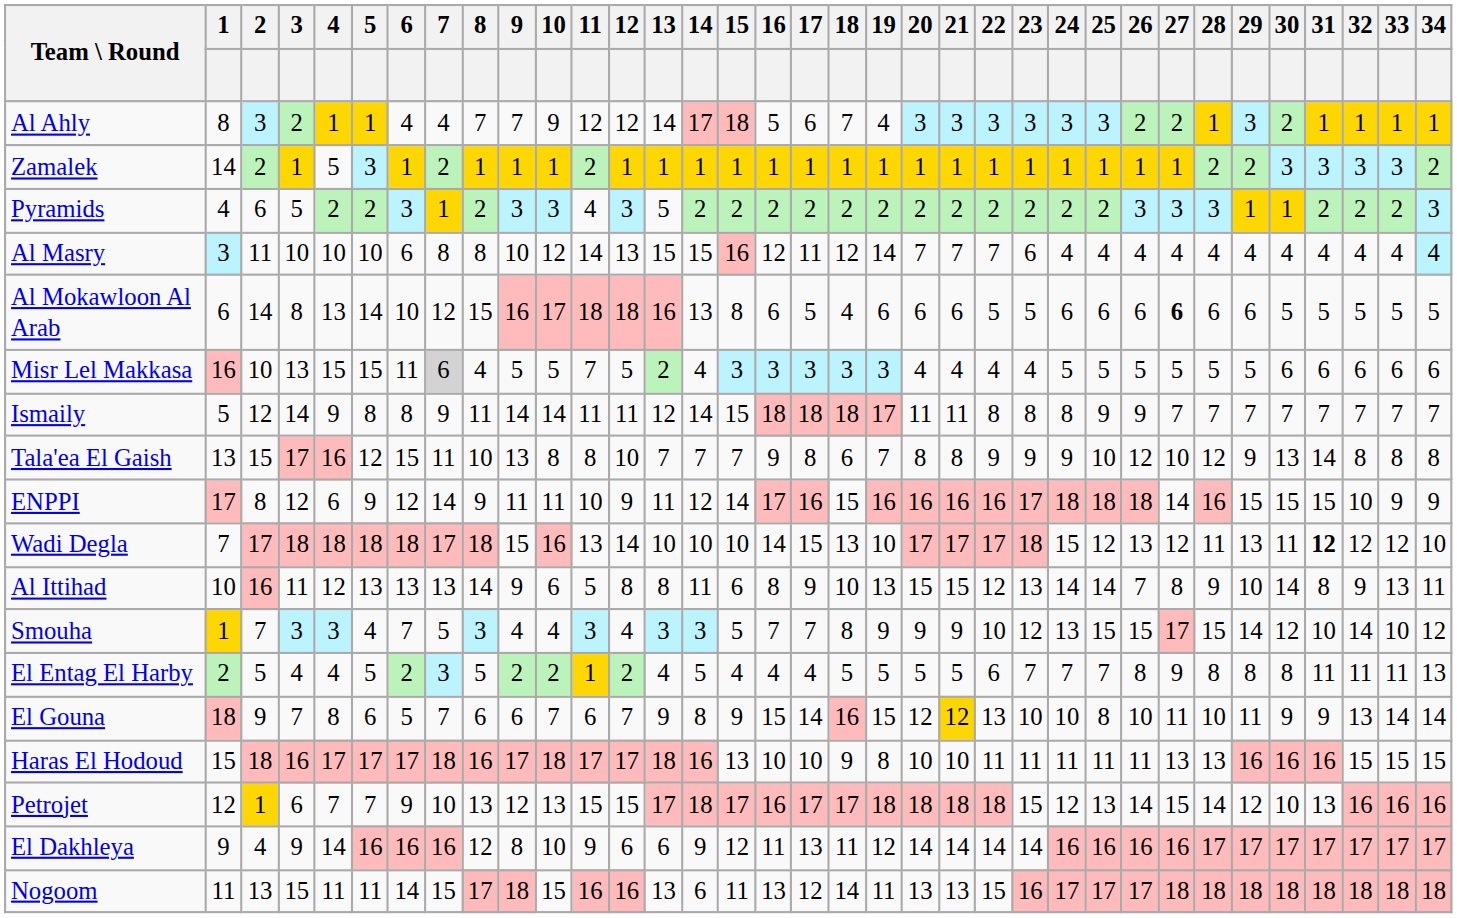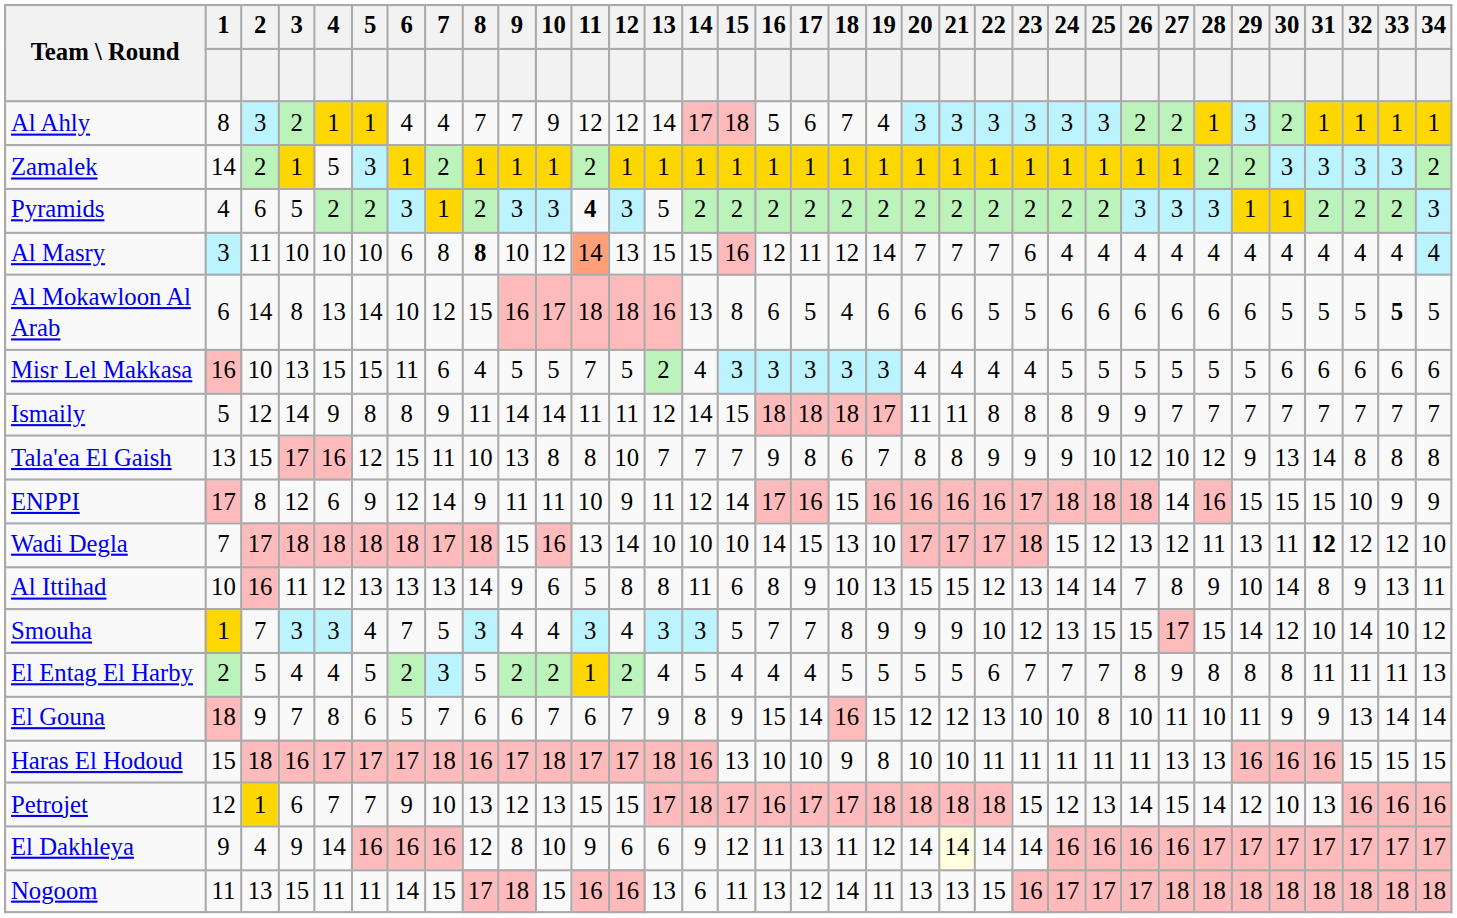 <table class="wikitable sortable" style="font-size: 74%; text-align:center">
 <tr>
 <th rowspan="2" style="width:90px;">Team \ Round</th>
 <th align=center>1</th>
 <th align=center>2</th>
 <th align=center>3</th>
 <th align=center>4</th>
 <th align=center>5</th>
 <th align=center>6</th>
 <th align=center>7</th>
 <th align=center>8</th>
 <th align=center>9</th>
 <th align=center>10</th>
 <th align=center>11</th>
 <th align=center>12</th>
 <th align=center>13</th>
 <th align=center>14</th>
 <th align=center>15</th>
 <th align=center>16</th>
 <th align=center>17</th>
 <th align=center>18</th>
 <th align=center>19</th>
 <th align=center>20</th>
 <th align=center>21</th>
 <th align=center>22</th>
 <th align=center>23</th>
 <th align=center>24</th>
 <th align=center>25</th>
 <th align=center>26</th>
 <th align=center>27</th>
 <th align=center>28</th>
 <th align=center>29</th>
 <th align=center>30</th>
 <th align=center>31</th>
 <th align=center>32</th>
 <th align=center>33</th>
 <th align=center>34</th>
 </tr>
 <tr>
 <th style="text-align:center; height:20px;"></th>
 <th align=center></th>
 <th align=center></th>
 <th align=center></th>
 <th align=center></th>
 <th align=center></th>
 <th align=center></th>
 <th align=center></th>
 <th align=center></th>
 <th align=center></th>
 <th align=center></th>
 <th align=center></th>
 <th align=center></th>
 <th align=center></th>
 <th align=center></th>
 <th align=center></th>
 <th align=center></th>
 <th align=center></th>
 <th align=center></th>
 <th align=center></th>
 <th align=center></th>
 <th align=center></th>
 <th align=center></th>
 <th align=center></th>
 <th align=center></th>
 <th align=center></th>
 <th align=center></th>
 <th align=center></th>
 <th align=center></th>
 <th align=center></th>
 <th align=center></th>
 <th align=center></th>
 <th align=center></th>
 <th align=center></th>
 </tr>
 <tr align=center>
 <td align=left><a href='#'>Al Ahly</a></td>
 <td>8</td>
 <td style="background:#BBF3FF">3</td>
 <td style="background:#BBF3BB">2</td>
 <td style="background:gold">1</td>
 <td style="background:gold">1</td>
 <td>4</td>
 <td>4</td>
 <td>7</td>
 <td>7</td>
 <td>9</td>
 <td>12</td>
 <td>12</td>
 <td>14</td>
 <td style="background:#FFBBBB">17</td>
 <td style="background:#FFBBBB">18</td>
 <td>5</td>
 <td>6</td>
 <td>7</td>
 <td>4</td>
 <td style="background:#BBF3FF">3</td>
 <td style="background:#BBF3FF">3</td>
 <td style="background:#BBF3FF">3</td>
 <td style="background:#BBF3FF">3</td>
 <td style="background:#BBF3FF">3</td>
 <td style="background:#BBF3FF">3</td>
 <td style="background:#BBF3BB">2</td>
 <td style="background:#BBF3BB">2</td>
 <td style="background:gold">1</td>
 <td style="background:#BBF3FF">3</td>
 <td style="background:#BBF3BB">2</td>
 <td style="background:gold">1</td>
 <td style="background:gold">1</td>
 <td style="background:gold">1</td>
 <td style="background:gold">1</td>
 </tr>
 <tr align=center>
 <td align=left><a href='#'>Zamalek</a></td>
 <td>14</td>
 <td style="background:#BBF3BB">2</td>
 <td style="background:gold">1</td>
 <td>5</td>
 <td style="background:#BBF3FF">3</td>
 <td style="background:gold">1</td>
 <td style="background:#BBF3BB">2</td>
 <td style="background:gold">1</td>
 <td style="background:gold">1</td>
 <td style="background:gold">1</td>
 <td style="background:#BBF3BB">2</td>
 <td style="background:gold">1</td>
 <td style="background:gold">1</td>
 <td style="background:gold">1</td>
 <td style="background:gold">1</td>
 <td style="background:gold">1</td>
 <td style="background:gold">1</td>
 <td style="background:gold">1</td>
 <td style="background:gold">1</td>
 <td style="background:gold">1</td>
 <td style="background:gold">1</td>
 <td style="background:gold">1</td>
 <td style="background:gold">1</td>
 <td style="background:gold">1</td>
 <td style="background:gold">1</td>
 <td style="background:gold">1</td>
 <td style="background:gold">1</td>
 <td style="background:#BBF3BB">2</td>
 <td style="background:#BBF3BB">2</td>
 <td style="background:#BBF3FF">3</td>
 <td style="background:#BBF3FF">3</td>
 <td style="background:#BBF3FF">3</td>
 <td style="background:#BBF3FF">3</td>
 <td style="background:#BBF3BB">2</td>
 </tr>
 <tr align=center>
 <td align=left><a href='#'>Pyramids</a></td>
 <td>4</td>
 <td>6</td>
 <td>5</td>
 <td style="background:#BBF3BB">2</td>
 <td style="background:#BBF3BB">2</td>
 <td style="background:#BBF3FF">3</td>
 <td style="background:gold">1</td>
 <td style="background:#BBF3BB">2</td>
 <td style="background:#BBF3FF">3</td>
 <td style="background:#BBF3FF">3</td>
-<td>4</td>
+<td><strong>4</strong></td>
 <td style="background:#BBF3FF">3</td>
 <td>5</td>
 <td style="background:#BBF3BB">2</td>
 <td style="background:#BBF3BB">2</td>
 <td style="background:#BBF3BB">2</td>
 <td style="background:#BBF3BB">2</td>
 <td style="background:#BBF3BB">2</td>
 <td style="background:#BBF3BB">2</td>
 <td style="background:#BBF3BB">2</td>
 <td style="background:#BBF3BB">2</td>
 <td style="background:#BBF3BB">2</td>
 <td style="background:#BBF3BB">2</td>
 <td style="background:#BBF3BB">2</td>
 <td style="background:#BBF3BB">2</td>
 <td style="background:#BBF3FF">3</td>
 <td style="background:#BBF3FF">3</td>
 <td style="background:#BBF3FF">3</td>
 <td style="background:gold">1</td>
 <td style="background:gold">1</td>
 <td style="background:#BBF3BB">2</td>
 <td style="background:#BBF3BB">2</td>
 <td style="background:#BBF3BB">2</td>
 <td style="background:#BBF3FF">3</td>
 </tr>
 <tr align=center>
 <td align=left><a href='#'>Al Masry</a></td>
 <td style="background:#BBF3FF">3</td>
 <td>11</td>
 <td>10</td>
 <td>10</td>
 <td>10</td>
 <td>6</td>
 <td>8</td>
-<td>8</td>
+<td><strong>8</strong></td>
 <td>10</td>
 <td>12</td>
-<td>14</td>
+<td style="background: lightsalmon;">14</td>
 <td>13</td>
 <td>15</td>
 <td>15</td>
 <td style="background:#FFBBBB">16</td>
 <td>12</td>
 <td>11</td>
 <td>12</td>
 <td>14</td>
 <td>7</td>
 <td>7</td>
 <td>7</td>
 <td>6</td>
 <td>4</td>
 <td>4</td>
 <td>4</td>
 <td>4</td>
 <td>4</td>
 <td>4</td>
 <td>4</td>
 <td>4</td>
 <td>4</td>
 <td>4</td>
 <td style="background:#BBF3FF">4</td>
 </tr>
 <tr align=center>
 <td align=left><a href='#'>Al Mokawloon Al Arab</a></td>
 <td>6</td>
 <td>14</td>
 <td>8</td>
 <td>13</td>
 <td>14</td>
 <td>10</td>
 <td>12</td>
 <td>15</td>
 <td style="background:#FFBBBB">16</td>
 <td style="background:#FFBBBB">17</td>
 <td style="background:#FFBBBB">18</td>
 <td style="background:#FFBBBB">18</td>
 <td style="background:#FFBBBB">16</td>
 <td>13</td>
 <td>8</td>
 <td>6</td>
 <td>5</td>
 <td>4</td>
 <td>6</td>
 <td>6</td>
 <td>6</td>
 <td>5</td>
 <td>5</td>
 <td>6</td>
 <td>6</td>
 <td>6</td>
-<td><strong>6</strong></td>
+<td>6</td>
 <td>6</td>
 <td>6</td>
 <td>5</td>
 <td>5</td>
 <td>5</td>
-<td>5</td>
+<td><strong>5</strong></td>
 <td>5</td>
 </tr>
 <tr align=center>
 <td align=left><a href='#'>Misr Lel Makkasa</a></td>
 <td style="background:#FFBBBB">16</td>
 <td>10</td>
 <td>13</td>
 <td>15</td>
 <td>15</td>
 <td>11</td>
-<td style="background: lightgrey;">6</td>
+<td>6</td>
 <td>4</td>
 <td>5</td>
 <td>5</td>
 <td>7</td>
 <td>5</td>
 <td style="background:#BBF3BB">2</td>
 <td>4</td>
 <td style="background:#BBF3FF">3</td>
 <td style="background:#BBF3FF">3</td>
 <td style="background:#BBF3FF">3</td>
 <td style="background:#BBF3FF">3</td>
 <td style="background:#BBF3FF">3</td>
 <td>4</td>
 <td>4</td>
 <td>4</td>
 <td>4</td>
 <td>5</td>
 <td>5</td>
 <td>5</td>
 <td>5</td>
 <td>5</td>
 <td>5</td>
 <td>6</td>
 <td>6</td>
 <td>6</td>
 <td>6</td>
 <td>6</td>
 </tr>
 <tr align=center>
 <td align=left><a href='#'>Ismaily</a></td>
 <td>5</td>
 <td>12</td>
 <td>14</td>
 <td>9</td>
 <td>8</td>
 <td>8</td>
 <td>9</td>
 <td>11</td>
 <td>14</td>
 <td>14</td>
 <td>11</td>
 <td>11</td>
 <td>12</td>
 <td>14</td>
 <td>15</td>
 <td style="background:#FFBBBB">18</td>
 <td style="background:#FFBBBB">18</td>
 <td style="background:#FFBBBB">18</td>
 <td style="background:#FFBBBB">17</td>
 <td>11</td>
 <td>11</td>
 <td>8</td>
 <td>8</td>
 <td>8</td>
 <td>9</td>
 <td>9</td>
 <td>7</td>
 <td>7</td>
 <td>7</td>
 <td>7</td>
 <td>7</td>
 <td>7</td>
 <td>7</td>
 <td>7</td>
 </tr>
 <tr align=center>
 <td align=left><a href='#'>Tala'ea El Gaish</a></td>
 <td>13</td>
 <td>15</td>
 <td style="background:#FFBBBB">17</td>
 <td style="background:#FFBBBB">16</td>
 <td>12</td>
 <td>15</td>
 <td>11</td>
 <td>10</td>
 <td>13</td>
 <td>8</td>
 <td>8</td>
 <td>10</td>
 <td>7</td>
 <td>7</td>
 <td>7</td>
 <td>9</td>
 <td>8</td>
 <td>6</td>
 <td>7</td>
 <td>8</td>
 <td>8</td>
 <td>9</td>
 <td>9</td>
 <td>9</td>
 <td>10</td>
 <td>12</td>
 <td>10</td>
 <td>12</td>
 <td>9</td>
 <td>13</td>
 <td>14</td>
 <td>8</td>
 <td>8</td>
 <td>8</td>
 </tr>
 <tr align=center>
 <td align=left><a href='#'>ENPPI</a></td>
 <td style="background:#FFBBBB">17</td>
 <td>8</td>
 <td>12</td>
 <td>6</td>
 <td>9</td>
 <td>12</td>
 <td>14</td>
 <td>9</td>
 <td>11</td>
 <td>11</td>
 <td>10</td>
 <td>9</td>
 <td>11</td>
 <td>12</td>
 <td>14</td>
 <td style="background:#FFBBBB">17</td>
 <td style="background:#FFBBBB">16</td>
 <td>15</td>
 <td style="background:#FFBBBB">16</td>
 <td style="background:#FFBBBB">16</td>
 <td style="background:#FFBBBB">16</td>
 <td style="background:#FFBBBB">16</td>
 <td style="background:#FFBBBB">17</td>
 <td style="background:#FFBBBB">18</td>
 <td style="background:#FFBBBB">18</td>
 <td style="background:#FFBBBB">18</td>
 <td>14</td>
 <td style="background:#FFBBBB">16</td>
 <td>15</td>
 <td>15</td>
 <td>15</td>
 <td>10</td>
 <td>9</td>
 <td>9</td>
 </tr>
 <tr align=center>
 <td align=left><a href='#'>Wadi Degla</a></td>
 <td>7</td>
 <td style="background:#FFBBBB">17</td>
 <td style="background:#FFBBBB">18</td>
 <td style="background:#FFBBBB">18</td>
 <td style="background:#FFBBBB">18</td>
 <td style="background:#FFBBBB">18</td>
 <td style="background:#FFBBBB">17</td>
 <td style="background:#FFBBBB">18</td>
 <td>15</td>
 <td style="background:#FFBBBB">16</td>
 <td>13</td>
 <td>14</td>
 <td>10</td>
 <td>10</td>
 <td>10</td>
 <td>14</td>
 <td>15</td>
 <td>13</td>
 <td>10</td>
 <td style="background:#FFBBBB">17</td>
 <td style="background:#FFBBBB">17</td>
 <td style="background:#FFBBBB">17</td>
 <td style="background:#FFBBBB">18</td>
 <td>15</td>
 <td>12</td>
 <td>13</td>
 <td>12</td>
 <td>11</td>
 <td>13</td>
 <td>11</td>
 <td><strong>12</strong></td>
 <td>12</td>
 <td>12</td>
 <td>10</td>
 </tr>
 <tr align=center>
 <td align=left><a href='#'>Al Ittihad</a></td>
 <td>10</td>
 <td style="background:#FFBBBB">16</td>
 <td>11</td>
 <td>12</td>
 <td>13</td>
 <td>13</td>
 <td>13</td>
 <td>14</td>
 <td>9</td>
 <td>6</td>
 <td>5</td>
 <td>8</td>
 <td>8</td>
 <td>11</td>
 <td>6</td>
 <td>8</td>
 <td>9</td>
 <td>10</td>
 <td>13</td>
 <td>15</td>
 <td>15</td>
 <td>12</td>
 <td>13</td>
 <td>14</td>
 <td>14</td>
 <td>7</td>
 <td>8</td>
 <td>9</td>
 <td>10</td>
 <td>14</td>
 <td>8</td>
 <td>9</td>
 <td>13</td>
 <td>11</td>
 </tr>
 <tr align=center>
 <td align=left><a href='#'>Smouha</a></td>
 <td style="background:gold">1</td>
 <td>7</td>
 <td style="background:#BBF3FF">3</td>
 <td style="background:#BBF3FF">3</td>
 <td>4</td>
 <td>7</td>
 <td>5</td>
 <td style="background:#BBF3FF">3</td>
 <td>4</td>
 <td>4</td>
 <td style="background:#BBF3FF">3</td>
 <td>4</td>
 <td style="background:#BBF3FF">3</td>
 <td style="background:#BBF3FF">3</td>
 <td>5</td>
 <td>7</td>
 <td>7</td>
 <td>8</td>
 <td>9</td>
 <td>9</td>
 <td>9</td>
 <td>10</td>
 <td>12</td>
 <td>13</td>
 <td>15</td>
 <td>15</td>
 <td style="background:#FFBBBB">17</td>
 <td>15</td>
 <td>14</td>
 <td>12</td>
 <td>10</td>
 <td>14</td>
 <td>10</td>
 <td>12</td>
 </tr>
 <tr align=center>
 <td align=left><a href='#'>El Entag El Harby</a></td>
 <td style="background:#BBF3BB">2</td>
 <td>5</td>
 <td>4</td>
 <td>4</td>
 <td>5</td>
 <td style="background:#BBF3BB">2</td>
 <td style="background:#BBF3FF">3</td>
 <td>5</td>
 <td style="background:#BBF3BB">2</td>
 <td style="background:#BBF3BB">2</td>
 <td style="background:gold">1</td>
 <td style="background:#BBF3BB">2</td>
 <td>4</td>
 <td>5</td>
 <td>4</td>
 <td>4</td>
 <td>4</td>
 <td>5</td>
 <td>5</td>
 <td>5</td>
 <td>5</td>
 <td>6</td>
 <td>7</td>
 <td>7</td>
 <td>7</td>
 <td>8</td>
 <td>9</td>
 <td>8</td>
 <td>8</td>
 <td>8</td>
 <td>11</td>
 <td>11</td>
 <td>11</td>
 <td>13</td>
 </tr>
 <tr align=center>
 <td align=left><a href='#'>El Gouna</a></td>
 <td style="background:#FFBBBB">18</td>
 <td>9</td>
 <td>7</td>
 <td>8</td>
 <td>6</td>
 <td>5</td>
 <td>7</td>
 <td>6</td>
 <td>6</td>
 <td>7</td>
 <td>6</td>
 <td>7</td>
 <td>9</td>
 <td>8</td>
 <td>9</td>
 <td>15</td>
 <td>14</td>
 <td style="background:#FFBBBB">16</td>
 <td>15</td>
 <td>12</td>
-<td style="background: gold;">12</td>
+<td>12</td>
 <td>13</td>
 <td>10</td>
 <td>10</td>
 <td>8</td>
 <td>10</td>
 <td>11</td>
 <td>10</td>
 <td>11</td>
 <td>9</td>
 <td>9</td>
 <td>13</td>
 <td>14</td>
 <td>14</td>
 </tr>
 <tr align=center>
 <td align=left><a href='#'>Haras El Hodoud</a></td>
 <td>15</td>
 <td style="background:#FFBBBB">18</td>
 <td style="background:#FFBBBB">16</td>
 <td style="background:#FFBBBB">17</td>
 <td style="background:#FFBBBB">17</td>
 <td style="background:#FFBBBB">17</td>
 <td style="background:#FFBBBB">18</td>
 <td style="background:#FFBBBB">16</td>
 <td style="background:#FFBBBB">17</td>
 <td style="background:#FFBBBB">18</td>
 <td style="background:#FFBBBB">17</td>
 <td style="background:#FFBBBB">17</td>
 <td style="background:#FFBBBB">18</td>
 <td style="background:#FFBBBB">16</td>
 <td>13</td>
 <td>10</td>
 <td>10</td>
 <td>9</td>
 <td>8</td>
 <td>10</td>
 <td>10</td>
 <td>11</td>
 <td>11</td>
 <td>11</td>
 <td>11</td>
 <td>11</td>
 <td>13</td>
 <td>13</td>
 <td style="background:#FFBBBB">16</td>
 <td style="background:#FFBBBB">16</td>
 <td style="background:#FFBBBB">16</td>
 <td>15</td>
 <td>15</td>
 <td>15</td>
 </tr>
 <tr align=center>
 <td align=left><a href='#'>Petrojet</a></td>
 <td>12</td>
 <td style="background:gold">1</td>
 <td>6</td>
 <td>7</td>
 <td>7</td>
 <td>9</td>
 <td>10</td>
 <td>13</td>
 <td>12</td>
 <td>13</td>
 <td>15</td>
 <td>15</td>
 <td style="background:#FFBBBB">17</td>
 <td style="background:#FFBBBB">18</td>
 <td style="background:#FFBBBB">17</td>
 <td style="background:#FFBBBB">16</td>
 <td style="background:#FFBBBB">17</td>
 <td style="background:#FFBBBB">17</td>
 <td style="background:#FFBBBB">18</td>
 <td style="background:#FFBBBB">18</td>
 <td style="background:#FFBBBB">18</td>
 <td style="background:#FFBBBB">18</td>
 <td>15</td>
 <td>12</td>
 <td>13</td>
 <td>14</td>
 <td>15</td>
 <td>14</td>
 <td>12</td>
 <td>10</td>
 <td>13</td>
 <td style="background:#FFBBBB">16</td>
 <td style="background:#FFBBBB">16</td>
 <td style="background:#FFBBBB">16</td>
 </tr>
 <tr align=center>
 <td align=left><a href='#'>El Dakhleya</a></td>
 <td>9</td>
 <td>4</td>
 <td>9</td>
 <td>14</td>
 <td style="background:#FFBBBB">16</td>
 <td style="background:#FFBBBB">16</td>
 <td style="background:#FFBBBB">16</td>
 <td>12</td>
 <td>8</td>
 <td>10</td>
 <td>9</td>
 <td>6</td>
 <td>6</td>
 <td>9</td>
 <td>12</td>
 <td>11</td>
 <td>13</td>
 <td>11</td>
 <td>12</td>
 <td>14</td>
-<td>14</td>
+<td style="background: lightyellow;">14</td>
 <td>14</td>
 <td>14</td>
 <td style="background:#FFBBBB">16</td>
 <td style="background:#FFBBBB">16</td>
 <td style="background:#FFBBBB">16</td>
 <td style="background:#FFBBBB">16</td>
 <td style="background:#FFBBBB">17</td>
 <td style="background:#FFBBBB">17</td>
 <td style="background:#FFBBBB">17</td>
 <td style="background:#FFBBBB">17</td>
 <td style="background:#FFBBBB">17</td>
 <td style="background:#FFBBBB">17</td>
 <td style="background:#FFBBBB">17</td>
 </tr>
 <tr align=center>
 <td align=left><a href='#'>Nogoom</a></td>
 <td>11</td>
 <td>13</td>
 <td>15</td>
 <td>11</td>
 <td>11</td>
 <td>14</td>
 <td>15</td>
 <td style="background:#FFBBBB">17</td>
 <td style="background:#FFBBBB">18</td>
 <td>15</td>
 <td style="background:#FFBBBB">16</td>
 <td style="background:#FFBBBB">16</td>
 <td>13</td>
 <td>6</td>
 <td>11</td>
 <td>13</td>
 <td>12</td>
 <td>14</td>
 <td>11</td>
 <td>13</td>
 <td>13</td>
 <td>15</td>
 <td style="background:#FFBBBB">16</td>
 <td style="background:#FFBBBB">17</td>
 <td style="background:#FFBBBB">17</td>
 <td style="background:#FFBBBB">17</td>
 <td style="background:#FFBBBB">18</td>
 <td style="background:#FFBBBB">18</td>
 <td style="background:#FFBBBB">18</td>
 <td style="background:#FFBBBB">18</td>
 <td style="background:#FFBBBB">18</td>
 <td style="background:#FFBBBB">18</td>
 <td style="background:#FFBBBB">18</td>
 <td style="background:#FFBBBB">18</td>
 </tr>
 </table>
